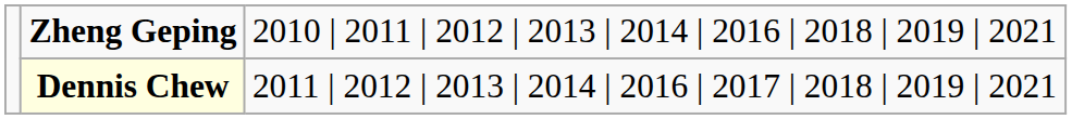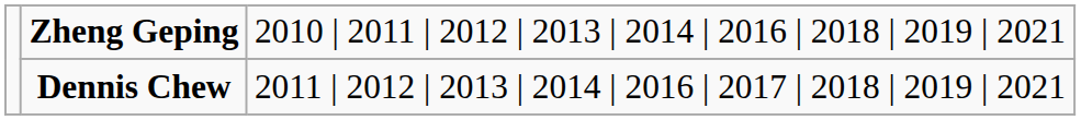 <table class="wikitable" style="text-align:center">
 <tr>
 <td rowspan=3><div></div></td>
 <td><strong>Zheng Geping</strong></td>
 <td 2009>2010 | 2011 | 2012 | 2013 | 2014 | 2016 | 2018 | 2019 | 2021</td>
 </tr>
 <tr>
-<td style="background: lightyellow;"><strong>Dennis Chew</strong></td>
+<td><strong>Dennis Chew</strong></td>
 <td 2010>2011 | 2012 | 2013 | 2014 | 2016 | 2017 | 2018 | 2019 | 2021</td>
 </tr>
 </table>
